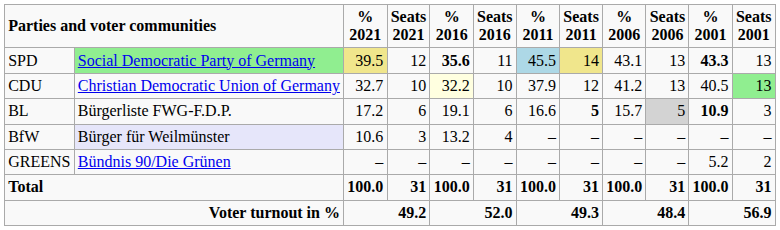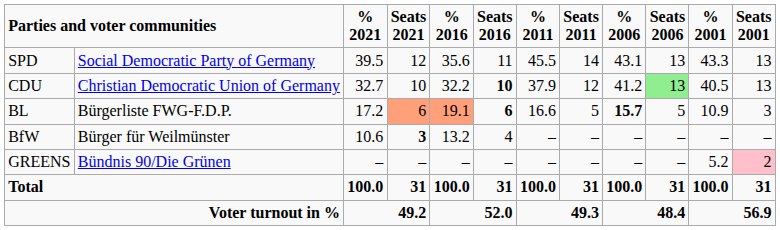 <table class="wikitable">
 <tr -- class="hintergrundfarbe5">
 <td colspan="2"><strong>Parties and voter communities</strong></td>
 <td align="center"><strong>%<br>2021</strong></td>
 <td align="center"><strong>Seats<br>2021</strong></td>
 <td align="center"><strong>%<br>2016</strong></td>
 <td align="center"><strong>Seats<br>2016</strong></td>
 <td align="center"><strong>%<br>2011</strong></td>
 <td align="center"><strong>Seats<br>2011</strong></td>
 <td align="center"><strong>%<br>2006</strong></td>
 <td align="center"><strong>Seats<br>2006</strong></td>
 <td align="center"><strong>%<br>2001</strong></td>
 <td align="center"><strong>Seats<br>2001</strong></td>
 </tr>
 <tr --->
 <td>SPD</td>
-<td style="background: lightgreen;"><a href='#'>Social Democratic Party of Germany</a></td>
-<td align="right" style="background: khaki;">39.5</td>
+<td><a href='#'>Social Democratic Party of Germany</a></td>
+<td align="right">39.5</td>
 <td align="right">12</td>
-<td align="right"><strong>35.6</strong></td>
+<td align="right">35.6</td>
 <td align="right">11</td>
-<td align="right" style="background: lightblue;">45.5</td>
-<td align="right" style="background: khaki;">14</td>
+<td align="right">45.5</td>
+<td align="right">14</td>
 <td align="right">43.1</td>
 <td align="right">13</td>
-<td align="right"><strong>43.3</strong></td>
+<td align="right">43.3</td>
 <td align="right">13</td>
 </tr>
 <tr --->
 <td>CDU</td>
 <td><a href='#'>Christian Democratic Union of Germany</a></td>
 <td align="right">32.7</td>
 <td align="right">10</td>
-<td align="right" style="background: lightyellow;">32.2</td>
-<td align="right">10</td>
+<td align="right">32.2</td>
+<td align="right"><strong>10</strong></td>
 <td align="right">37.9</td>
 <td align="right">12</td>
 <td align="right">41.2</td>
+<td align="right" style="background: lightgreen;">13</td>
+<td align="right">40.5</td>
 <td align="right">13</td>
-<td align="right">40.5</td>
-<td align="right" style="background: lightgreen;">13</td>
 </tr>
 <tr --->
 <td>BL</td>
 <td>Bürgerliste FWG-F.D.P.</td>
 <td align="right">17.2</td>
-<td align="right">6</td>
-<td align="right">19.1</td>
-<td align="right">6</td>
+<td align="right" style="background: lightsalmon;">6</td>
+<td align="right" style="background: lightsalmon;">19.1</td>
+<td align="right"><strong>6</strong></td>
 <td align="right">16.6</td>
-<td align="right"><strong>5</strong></td>
-<td align="right">15.7</td>
-<td align="right" style="background: lightgrey;">5</td>
-<td align="right"><strong>10.9</strong></td>
+<td align="right">5</td>
+<td align="right"><strong>15.7</strong></td>
+<td align="right">5</td>
+<td align="right">10.9</td>
 <td align="right">3</td>
 </tr>
 <tr>
 <td>BfW</td>
-<td style="background: lavender;">Bürger für Weilmünster</td>
+<td>Bürger für Weilmünster</td>
 <td align="right">10.6</td>
-<td align="right">3</td>
+<td align="right"><strong>3</strong></td>
 <td align="right">13.2</td>
 <td align="right">4</td>
 <td align="right">–</td>
 <td align="right">–</td>
 <td align="right">–</td>
 <td align="right">–</td>
 <td align="right">–</td>
 <td align="right">–</td>
 </tr>
 <tr --->
 <td>GREENS</td>
 <td><a href='#'>Bündnis 90/Die Grünen</a></td>
 <td align="right">–</td>
 <td align="right">–</td>
 <td align="right">–</td>
 <td align="right">–</td>
 <td align="right">–</td>
 <td align="right">–</td>
 <td align="right">–</td>
 <td align="right">–</td>
 <td align="right">5.2</td>
-<td align="right">2</td>
+<td align="right" style="background: pink;">2</td>
 </tr>
 <tr -- class="hintergrundfarbe5">
 <td colspan="2"><strong>Total</strong></td>
 <td align="right"><strong>100.0</strong></td>
 <td align="right"><strong>31</strong></td>
 <td align="right"><strong>100.0</strong></td>
 <td align="right"><strong>31</strong></td>
 <td align="right"><strong>100.0</strong></td>
 <td align="right"><strong>31</strong></td>
 <td align="right"><strong>100.0</strong></td>
 <td align="right"><strong>31</strong></td>
 <td align="right"><strong>100.0</strong></td>
 <td align="right"><strong>31</strong></td>
 </tr>
 <tr -- class="hintergrundfarbe5">
 <td colspan="2" align="right"><strong>Voter turnout in %</strong></td>
 <td colspan="2" align="right"><strong>49.2</strong></td>
 <td colspan="2" align="right"><strong>52.0</strong></td>
 <td colspan="2" align="right"><strong>49.3</strong></td>
 <td colspan="2" align="right"><strong>48.4</strong></td>
 <td colspan="2" align="right"><strong>56.9</strong></td>
 </tr>
 </table>
